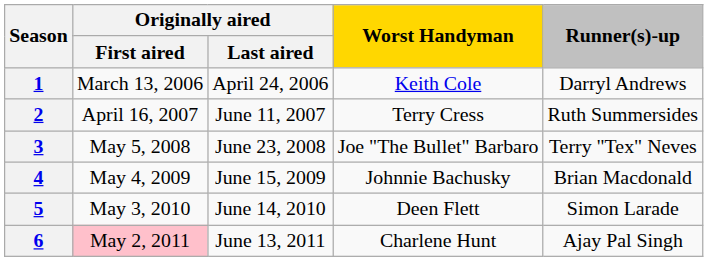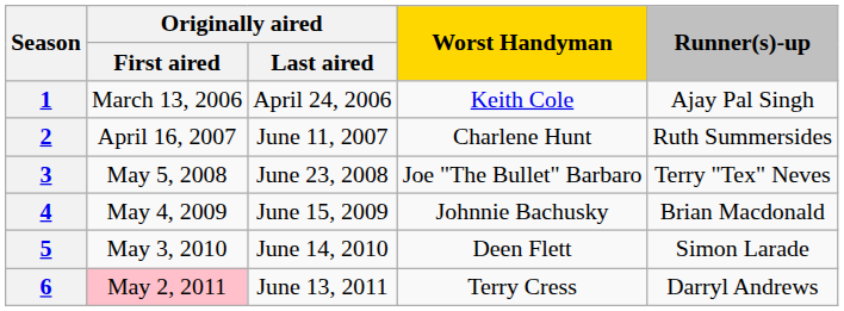 <table class="wikitable plainrowheaders" style="margin-inline: auto; border: none; text-align:center;">
 <tr>
 <th rowspan="2">Season</th>
 <th colspan="2">Originally aired</th>
 <th style="background: gold" rowspan="2">Worst Handyman</th>
 <th style="background: silver" rowspan="2">Runner(s)-up</th>
 </tr>
 <tr>
 <th>First aired</th>
 <th>Last aired</th>
 </tr>
 <tr>
 <th scope="row" style="text-align: center"><a href='#'>1</a></th>
 <td>March 13, 2006</td>
 <td>April 24, 2006</td>
 <td><a href='#'>Keith Cole</a></td>
-<td>Darryl Andrews</td>
+<td>Ajay Pal Singh</td>
 </tr>
 <tr>
 <th scope="row" style="text-align: center"><a href='#'>2</a></th>
 <td>April 16, 2007</td>
 <td>June 11, 2007</td>
-<td>Terry Cress</td>
+<td>Charlene Hunt</td>
 <td>Ruth Summersides</td>
 </tr>
 <tr>
 <th scope="row" style="text-align: center"><a href='#'>3</a></th>
 <td>May 5, 2008</td>
 <td>June 23, 2008</td>
 <td>Joe "The Bullet" Barbaro</td>
 <td>Terry "Tex" Neves</td>
 </tr>
 <tr>
 <th scope="row" style="text-align: center"><a href='#'>4</a></th>
 <td>May 4, 2009</td>
 <td>June 15, 2009</td>
 <td>Johnnie Bachusky</td>
 <td>Brian Macdonald</td>
 </tr>
 <tr>
 <th scope="row" style="text-align: center"><a href='#'>5</a></th>
 <td>May 3, 2010</td>
 <td>June 14, 2010</td>
 <td>Deen Flett</td>
 <td>Simon Larade</td>
 </tr>
 <tr>
 <th scope="row" style="text-align: center"><a href='#'>6</a></th>
 <td style="background: pink;">May 2, 2011</td>
 <td>June 13, 2011</td>
-<td>Charlene Hunt</td>
-<td>Ajay Pal Singh</td>
+<td>Terry Cress</td>
+<td>Darryl Andrews</td>
 </tr>
 </table>
